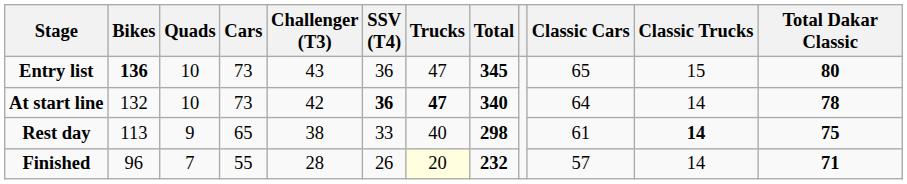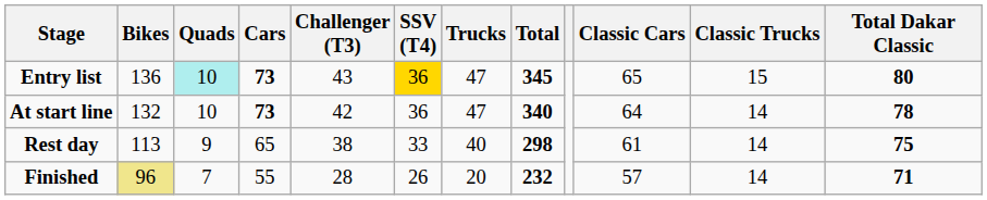 <table class="wikitable" style="font-size:85%; text-align:center;">
 <tr>
 <th>Stage</th>
 <th>Bikes</th>
 <th>Quads</th>
 <th>Cars</th>
 <th>Challenger<br>(T3)</th>
 <th>SSV<br>(T4)</th>
 <th>Trucks</th>
 <th>Total</th>
 <th></th>
 <th>Classic Cars</th>
 <th>Classic Trucks</th>
 <th>Total Dakar Classic</th>
 </tr>
 <tr>
 <td><strong>Entry list</strong></td>
-<td><strong>136</strong></td>
-<td>10</td>
-<td>73</td>
+<td>136</td>
+<td style="background: paleturquoise;">10</td>
+<td><strong>73</strong></td>
 <td>43</td>
-<td>36</td>
+<td style="background: gold;">36</td>
 <td>47</td>
 <td><strong>345</strong></td>
 <td rowspan="4"></td>
 <td>65</td>
 <td>15</td>
 <td style="width:100px"><strong>80</strong></td>
 </tr>
 <tr>
 <td><strong>At start line</strong></td>
 <td>132</td>
 <td>10</td>
-<td>73</td>
+<td><strong>73</strong></td>
 <td>42</td>
-<td><strong>36</strong></td>
-<td><strong>47</strong></td>
+<td>36</td>
+<td>47</td>
 <td><strong>340</strong></td>
 <td>64</td>
 <td>14</td>
 <td style="width:100px"><strong>78</strong></td>
 </tr>
 <tr>
 <td><strong>Rest day</strong></td>
 <td>113</td>
 <td>9</td>
 <td>65</td>
 <td>38</td>
 <td>33</td>
 <td>40</td>
 <td><strong>298</strong></td>
 <td>61</td>
-<td><strong>14</strong></td>
+<td>14</td>
 <td style="width:100px"><strong>75</strong></td>
 </tr>
 <tr>
 <td><strong>Finished</strong></td>
-<td>96</td>
+<td style="background: khaki;">96</td>
 <td>7</td>
 <td>55</td>
 <td>28</td>
 <td>26</td>
-<td style="background: lightyellow;">20</td>
+<td>20</td>
 <td><strong>232</strong></td>
 <td>57</td>
 <td>14</td>
 <td style="width:100px"><strong>71</strong></td>
 </tr>
 </table>
